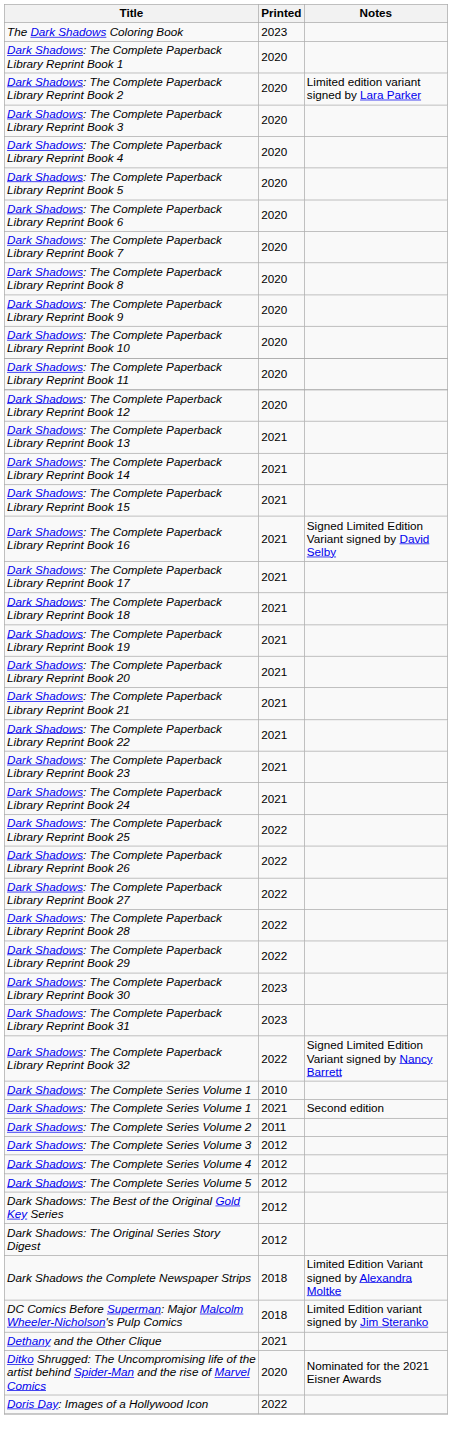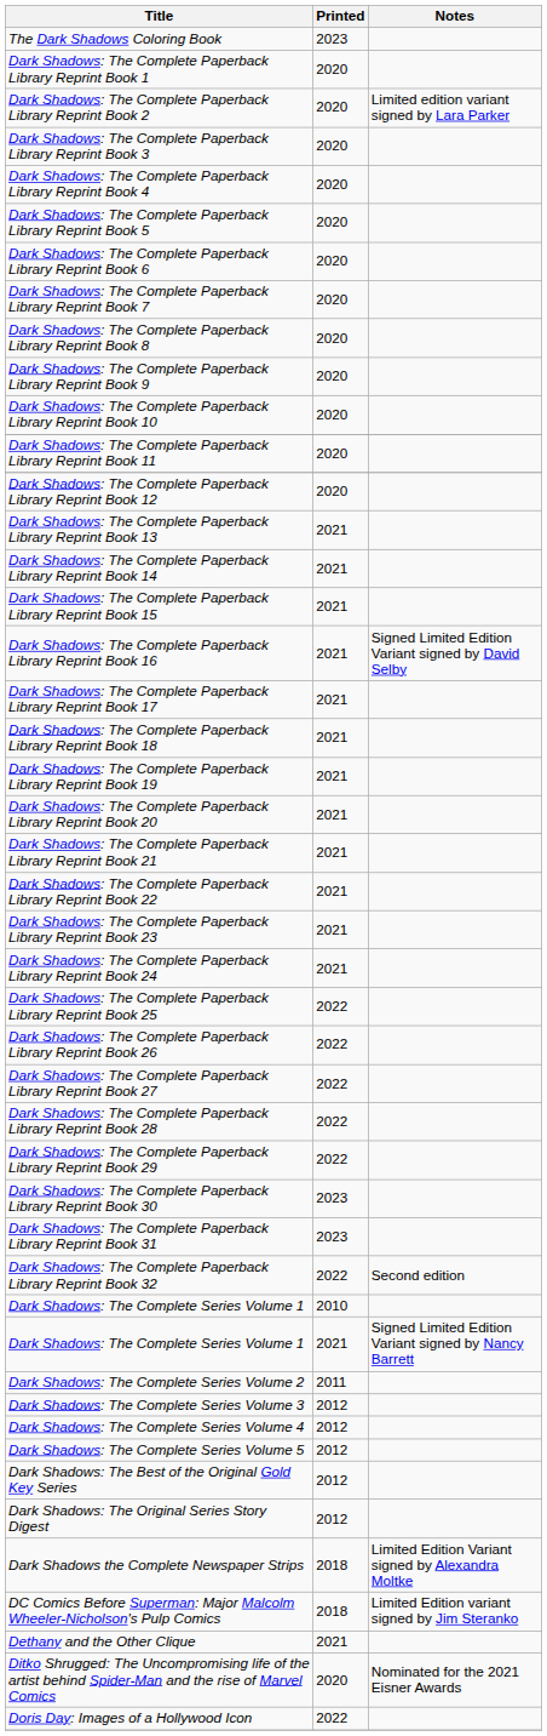 <table class="wikitable">
 <tr>
 <th>Title</th>
 <th>Printed</th>
 <th>Notes</th>
 </tr>
 <tr>
 <td><em>The <a href='#'>Dark Shadows</a> Coloring Book</em></td>
 <td>2023</td>
 <td></td>
 </tr>
 <tr>
 <td><em><a href='#'>Dark Shadows</a>: The Complete Paperback Library Reprint Book 1</em></td>
 <td>2020</td>
 <td></td>
 </tr>
 <tr>
 <td><em><a href='#'>Dark Shadows</a>: The Complete Paperback Library Reprint Book 2</em></td>
 <td>2020</td>
 <td>Limited edition variant signed by <a href='#'>Lara Parker</a></td>
 </tr>
 <tr>
 <td><em><a href='#'>Dark Shadows</a>: The Complete Paperback Library Reprint Book 3</em></td>
 <td>2020</td>
 <td></td>
 </tr>
 <tr>
 <td><em><a href='#'>Dark Shadows</a>: The Complete Paperback Library Reprint Book 4</em></td>
 <td>2020</td>
 <td></td>
 </tr>
 <tr>
 <td><em><a href='#'>Dark Shadows</a>: The Complete Paperback Library Reprint Book 5</em></td>
 <td>2020</td>
 <td></td>
 </tr>
 <tr>
 <td><em><a href='#'>Dark Shadows</a>: The Complete Paperback Library Reprint Book 6</em></td>
 <td>2020</td>
 <td></td>
 </tr>
 <tr>
 <td><em><a href='#'>Dark Shadows</a>: The Complete Paperback Library Reprint Book 7</em></td>
 <td>2020</td>
 <td></td>
 </tr>
 <tr>
 <td><em><a href='#'>Dark Shadows</a>: The Complete Paperback Library Reprint Book 8</em></td>
 <td>2020</td>
 <td></td>
 </tr>
 <tr>
 <td><em><a href='#'>Dark Shadows</a>: The Complete Paperback Library Reprint Book 9</em></td>
 <td>2020</td>
 <td></td>
 </tr>
 <tr>
 <td><em><a href='#'>Dark Shadows</a>: The Complete Paperback Library Reprint Book 10</em></td>
 <td>2020</td>
 <td></td>
 </tr>
 <tr>
 </tr>
 <tr>
 <td><em><a href='#'>Dark Shadows</a>: The Complete Paperback Library Reprint Book 11</em></td>
 <td>2020</td>
 <td></td>
 </tr>
 <tr>
 </tr>
 <tr>
 <td><em><a href='#'>Dark Shadows</a>: The Complete Paperback Library Reprint Book 12</em></td>
 <td>2020</td>
 <td></td>
 </tr>
 <tr>
 <td><em><a href='#'>Dark Shadows</a>: The Complete Paperback Library Reprint Book 13</em></td>
 <td>2021</td>
 <td></td>
 </tr>
 <tr>
 <td><em><a href='#'>Dark Shadows</a>: The Complete Paperback Library Reprint Book 14</em></td>
 <td>2021</td>
 <td></td>
 </tr>
 <tr>
 <td><em><a href='#'>Dark Shadows</a>: The Complete Paperback Library Reprint Book 15</em></td>
 <td>2021</td>
 <td></td>
 </tr>
 <tr>
 <td><em><a href='#'>Dark Shadows</a>: The Complete Paperback Library Reprint Book 16</em></td>
 <td>2021</td>
 <td>Signed Limited Edition Variant signed by <a href='#'>David Selby</a></td>
 </tr>
 <tr>
 <td><em><a href='#'>Dark Shadows</a>: The Complete Paperback Library Reprint Book 17</em></td>
 <td>2021</td>
 <td></td>
 </tr>
 <tr>
 <td><em><a href='#'>Dark Shadows</a>: The Complete Paperback Library Reprint Book 18</em></td>
 <td>2021</td>
 <td></td>
 </tr>
 <tr>
 <td><em><a href='#'>Dark Shadows</a>: The Complete Paperback Library Reprint Book 19</em></td>
 <td>2021</td>
 <td></td>
 </tr>
 <tr>
 <td><em><a href='#'>Dark Shadows</a>: The Complete Paperback Library Reprint Book 20</em></td>
 <td>2021</td>
 <td></td>
 </tr>
 <tr>
 <td><em><a href='#'>Dark Shadows</a>: The Complete Paperback Library Reprint Book 21</em></td>
 <td>2021</td>
 <td></td>
 </tr>
 <tr>
 <td><em><a href='#'>Dark Shadows</a>: The Complete Paperback Library Reprint Book 22</em></td>
 <td>2021</td>
 <td></td>
 </tr>
 <tr>
 <td><em><a href='#'>Dark Shadows</a>: The Complete Paperback Library Reprint Book 23</em></td>
 <td>2021</td>
 <td></td>
 </tr>
 <tr>
 <td><em><a href='#'>Dark Shadows</a>: The Complete Paperback Library Reprint Book 24</em></td>
 <td>2021</td>
 <td></td>
 </tr>
 <tr>
 <td><em><a href='#'>Dark Shadows</a>: The Complete Paperback Library Reprint Book 25</em></td>
 <td>2022</td>
 <td></td>
 </tr>
 <tr>
 <td><em><a href='#'>Dark Shadows</a>: The Complete Paperback Library Reprint Book 26</em></td>
 <td>2022</td>
 <td></td>
 </tr>
 <tr>
 <td><em><a href='#'>Dark Shadows</a>: The Complete Paperback Library Reprint Book 27</em></td>
 <td>2022</td>
 <td></td>
 </tr>
 <tr>
 <td><em><a href='#'>Dark Shadows</a>: The Complete Paperback Library Reprint Book 28</em></td>
 <td>2022</td>
 <td></td>
 </tr>
 <tr>
 <td><em><a href='#'>Dark Shadows</a>: The Complete Paperback Library Reprint Book 29</em></td>
 <td>2022</td>
 <td></td>
 </tr>
 <tr>
 <td><em><a href='#'>Dark Shadows</a>: The Complete Paperback Library Reprint Book 30</em></td>
 <td>2023</td>
 <td></td>
 </tr>
 <tr>
 <td><em><a href='#'>Dark Shadows</a>: The Complete Paperback Library Reprint Book 31</em></td>
 <td>2023</td>
 <td></td>
 </tr>
 <tr>
 <td><em><a href='#'>Dark Shadows</a>: The Complete Paperback Library Reprint Book 32</em></td>
 <td>2022</td>
-<td>Signed Limited Edition Variant signed by <a href='#'>Nancy Barrett</a></td>
+<td>Second edition</td>
 </tr>
 <tr>
 <td><em><a href='#'>Dark Shadows</a>: The Complete Series Volume 1</em></td>
 <td>2010</td>
 <td></td>
 </tr>
 <tr>
 <td><em><a href='#'>Dark Shadows</a>: The Complete Series Volume 1</em></td>
 <td>2021</td>
-<td>Second edition</td>
+<td>Signed Limited Edition Variant signed by <a href='#'>Nancy Barrett</a></td>
 </tr>
 <tr>
 <td><em><a href='#'>Dark Shadows</a>: The Complete Series Volume 2</em></td>
 <td>2011</td>
 <td></td>
 </tr>
 <tr>
 <td><em><a href='#'>Dark Shadows</a>: The Complete Series Volume 3</em></td>
 <td>2012</td>
 <td></td>
 </tr>
 <tr>
 <td><em><a href='#'>Dark Shadows</a>: The Complete Series Volume 4</em></td>
 <td>2012</td>
 <td></td>
 </tr>
 <tr>
 <td><em><a href='#'>Dark Shadows</a>: The Complete Series Volume 5</em></td>
 <td>2012</td>
 <td></td>
 </tr>
 <tr>
 <td><em>Dark Shadows: The Best of the Original <a href='#'>Gold Key</a> Series</em></td>
 <td>2012</td>
 <td></td>
 </tr>
 <tr>
 <td><em>Dark Shadows: The Original Series Story Digest</em></td>
 <td>2012</td>
 <td></td>
 </tr>
 <tr>
 <td><em>Dark Shadows the Complete Newspaper Strips</em></td>
 <td>2018</td>
 <td>Limited Edition Variant signed by <a href='#'>Alexandra Moltke</a></td>
 </tr>
 <tr>
 <td><em>DC Comics Before <a href='#'>Superman</a>: Major <a href='#'>Malcolm Wheeler-Nicholson</a>'s Pulp Comics</em></td>
 <td>2018</td>
 <td>Limited Edition variant signed by <a href='#'>Jim Steranko</a></td>
 </tr>
 <tr>
 <td><em><a href='#'>Dethany</a> and the Other Clique</em></td>
 <td>2021</td>
 <td></td>
 </tr>
 <tr>
 <td><em><a href='#'>Ditko</a> Shrugged: The Uncompromising life of the artist behind <a href='#'>Spider-Man</a> and the rise of <a href='#'>Marvel Comics</a></em></td>
 <td>2020</td>
 <td>Nominated for the 2021 Eisner Awards</td>
 </tr>
 <tr>
 <td><em><a href='#'>Doris Day</a>: Images of a Hollywood Icon</em></td>
 <td>2022</td>
 <td></td>
 </tr>
 <tr>
 </tr>
 </table>
